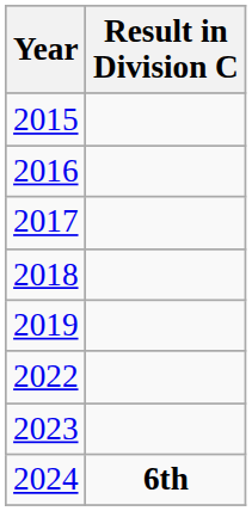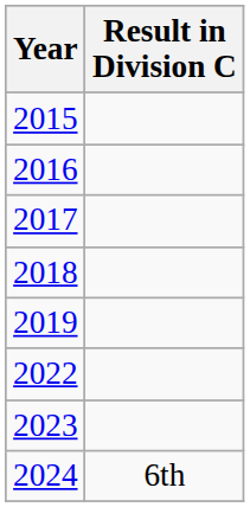 <table class="wikitable" style="text-align:center">
 <tr>
 <th>Year</th>
 <th>Result in<br>Division C</th>
 </tr>
 <tr>
 <td><a href='#'>2015</a></td>
 <td></td>
 </tr>
 <tr>
 <td><a href='#'>2016</a></td>
 <td></td>
 </tr>
 <tr>
 <td><a href='#'>2017</a></td>
 <td></td>
 </tr>
 <tr>
 <td><a href='#'>2018</a></td>
 <td></td>
 </tr>
 <tr>
 <td><a href='#'>2019</a></td>
 <td></td>
 </tr>
 <tr>
 <td><a href='#'>2022</a></td>
 <td></td>
 </tr>
 <tr>
 <td><a href='#'>2023</a></td>
 <td></td>
 </tr>
 <tr>
 <td><a href='#'>2024</a></td>
-<td><strong>6th</strong></td>
+<td>6th</td>
 </tr>
 </table>
